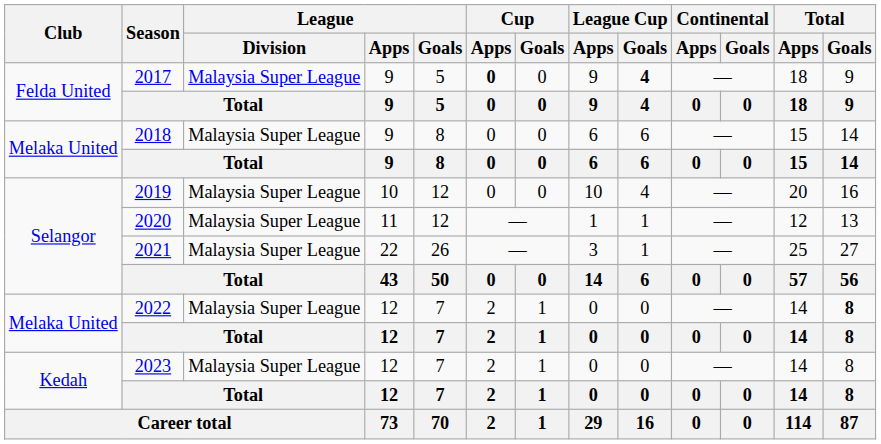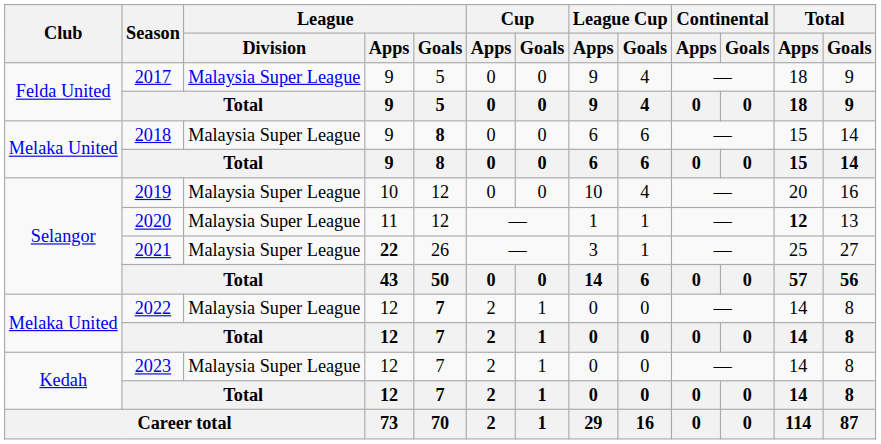 <table class="wikitable" style="text-align:center">
 <tr>
 <th rowspan="2">Club</th>
 <th rowspan="2">Season</th>
 <th colspan="3">League</th>
 <th colspan="2">Cup</th>
 <th colspan="2">League Cup</th>
 <th colspan="2">Continental</th>
 <th colspan="2">Total</th>
 </tr>
 <tr>
 <th>Division</th>
 <th>Apps</th>
 <th>Goals</th>
 <th>Apps</th>
 <th>Goals</th>
 <th>Apps</th>
 <th>Goals</th>
 <th>Apps</th>
 <th>Goals</th>
 <th>Apps</th>
 <th>Goals</th>
 </tr>
 <tr>
 <td rowspan=2><a href='#'>Felda United</a></td>
 <td><a href='#'>2017</a></td>
 <td><a href='#'>Malaysia Super League</a></td>
 <td>9</td>
 <td>5</td>
-<td><strong>0</strong></td>
+<td>0</td>
 <td>0</td>
 <td>9</td>
-<td><strong>4</strong></td>
+<td>4</td>
 <td colspan="2">—</td>
 <td>18</td>
 <td>9</td>
 </tr>
 <tr>
 <th colspan="2">Total</th>
 <th>9</th>
 <th>5</th>
 <th>0</th>
 <th>0</th>
 <th>9</th>
 <th>4</th>
 <th>0</th>
 <th>0</th>
 <th>18</th>
 <th>9</th>
 </tr>
 <tr>
 <td rowspan=2><a href='#'>Melaka United</a></td>
 <td><a href='#'>2018</a></td>
 <td>Malaysia Super League</td>
 <td>9</td>
-<td>8</td>
+<td><strong>8</strong></td>
 <td>0</td>
 <td>0</td>
 <td>6</td>
 <td>6</td>
 <td colspan="2">—</td>
 <td>15</td>
 <td>14</td>
 </tr>
 <tr>
 <th colspan="2">Total</th>
 <th>9</th>
 <th>8</th>
 <th>0</th>
 <th>0</th>
 <th>6</th>
 <th>6</th>
 <th>0</th>
 <th>0</th>
 <th>15</th>
 <th>14</th>
 </tr>
 <tr>
 <td rowspan=4><a href='#'>Selangor</a></td>
 <td><a href='#'>2019</a></td>
 <td>Malaysia Super League</td>
 <td>10</td>
 <td>12</td>
 <td>0</td>
 <td>0</td>
 <td>10</td>
 <td>4</td>
 <td colspan="2">—</td>
 <td>20</td>
 <td>16</td>
 </tr>
 <tr>
 <td><a href='#'>2020</a></td>
 <td>Malaysia Super League</td>
 <td>11</td>
 <td>12</td>
 <td colspan="2">—</td>
 <td>1</td>
 <td>1</td>
 <td colspan="2">—</td>
-<td>12</td>
+<td><strong>12</strong></td>
 <td>13</td>
 </tr>
 <tr>
 <td><a href='#'>2021</a></td>
 <td>Malaysia Super League</td>
-<td>22</td>
+<td><strong>22</strong></td>
 <td>26</td>
 <td colspan="2">—</td>
 <td>3</td>
 <td>1</td>
 <td colspan="2">—</td>
 <td>25</td>
 <td>27</td>
 </tr>
 <tr>
 <th colspan="2">Total</th>
 <th>43</th>
 <th>50</th>
 <th>0</th>
 <th>0</th>
 <th>14</th>
 <th>6</th>
 <th>0</th>
 <th>0</th>
 <th>57</th>
 <th>56</th>
 </tr>
 <tr>
 <td rowspan=2><a href='#'>Melaka United</a></td>
 <td><a href='#'>2022</a></td>
 <td>Malaysia Super League</td>
 <td>12</td>
-<td>7</td>
+<td><strong>7</strong></td>
 <td>2</td>
 <td>1</td>
 <td>0</td>
 <td>0</td>
 <td colspan="2">—</td>
 <td>14</td>
-<td><strong>8</strong></td>
+<td>8</td>
 </tr>
 <tr>
 <th colspan="2">Total</th>
 <th>12</th>
 <th>7</th>
 <th>2</th>
 <th>1</th>
 <th>0</th>
 <th>0</th>
 <th>0</th>
 <th>0</th>
 <th>14</th>
 <th>8</th>
 </tr>
 <tr>
 <td rowspan=2><a href='#'>Kedah</a></td>
 <td><a href='#'>2023</a></td>
 <td>Malaysia Super League</td>
 <td>12</td>
 <td>7</td>
 <td>2</td>
 <td>1</td>
 <td>0</td>
 <td>0</td>
 <td colspan="2">—</td>
 <td>14</td>
 <td>8</td>
 </tr>
 <tr>
 <th colspan="2">Total</th>
 <th>12</th>
 <th>7</th>
 <th>2</th>
 <th>1</th>
 <th>0</th>
 <th>0</th>
 <th>0</th>
 <th>0</th>
 <th>14</th>
 <th>8</th>
 </tr>
 <tr>
 <th colspan="3">Career total</th>
 <th>73</th>
 <th>70</th>
 <th>2</th>
 <th>1</th>
 <th>29</th>
 <th>16</th>
 <th>0</th>
 <th>0</th>
 <th>114</th>
 <th>87</th>
 </tr>
 </table>
